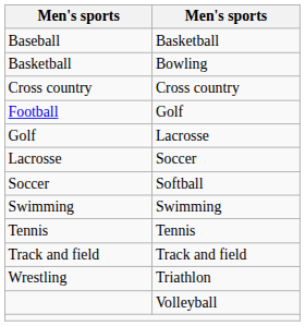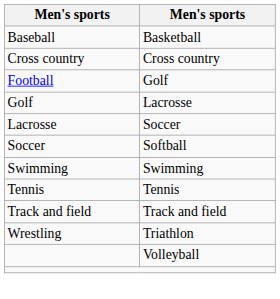 <table class="wikitable"; style= "text-align: ">
 <tr>
 <th width=150px>Men's sports</th>
 <th width=150px>Men's sports</th>
 </tr>
 <tr>
 <td>Baseball</td>
 <td>Basketball</td>
-</tr>
-<tr>
-<td>Basketball</td>
-<td>Bowling</td>
 </tr>
 <tr>
 <td>Cross country</td>
 <td>Cross country</td>
 </tr>
 <tr>
 <td><a href='#'>Football</a></td>
 <td>Golf</td>
 </tr>
 <tr>
 <td>Golf</td>
 <td>Lacrosse</td>
 </tr>
 <tr>
 <td>Lacrosse</td>
 <td>Soccer</td>
 </tr>
 <tr>
 <td>Soccer</td>
 <td>Softball</td>
 </tr>
 <tr>
 <td>Swimming</td>
 <td>Swimming</td>
 </tr>
 <tr>
 <td>Tennis</td>
 <td>Tennis</td>
 </tr>
 <tr>
 <td>Track and field</td>
 <td>Track and field</td>
 </tr>
 <tr>
 <td>Wrestling</td>
 <td>Triathlon</td>
 </tr>
 <tr>
 <td></td>
 <td>Volleyball</td>
 </tr>
 <tr>
 <td colspan=2></td>
 </tr>
 </table>
